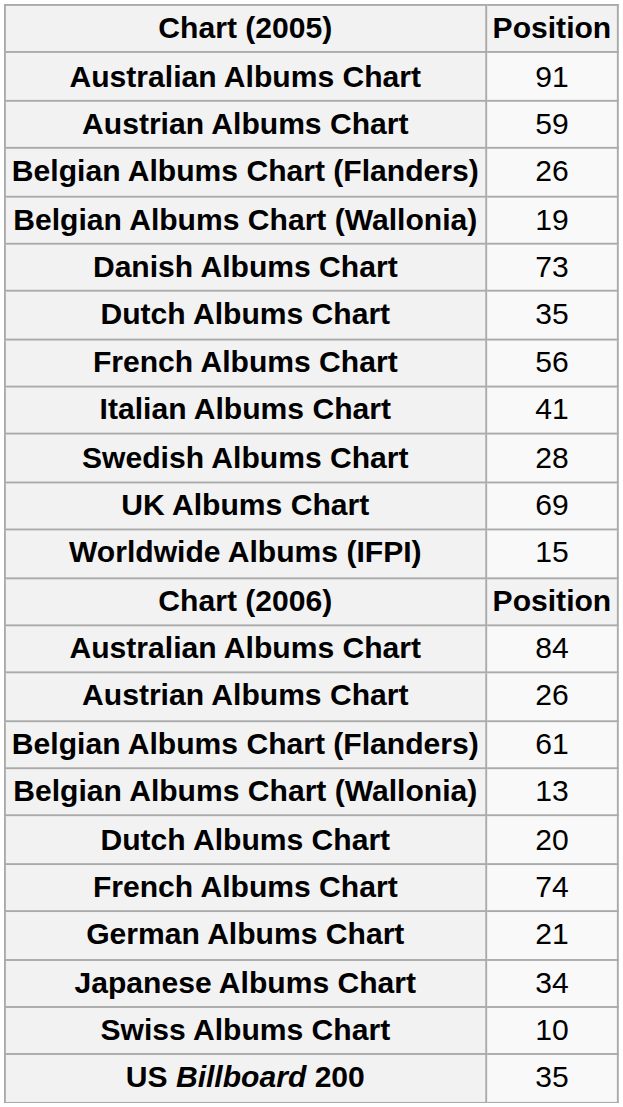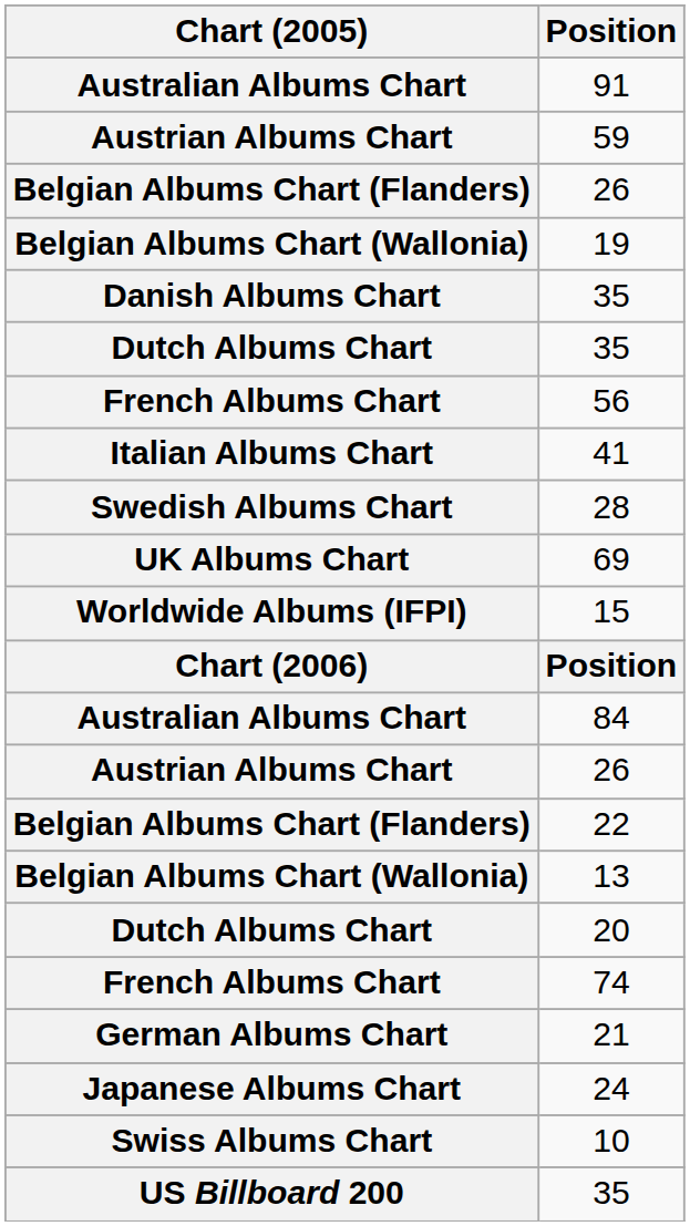 <table class="wikitable plainrowheaders" style="text-align:center;">
 <tr>
 <th>Chart (2005)</th>
 <th>Position</th>
 </tr>
 <tr>
 <th scope="row">Australian Albums Chart</th>
 <td>91</td>
 </tr>
 <tr>
 <th scope="row">Austrian Albums Chart</th>
 <td>59</td>
 </tr>
 <tr>
 <th scope="row">Belgian Albums Chart (Flanders)</th>
 <td>26</td>
 </tr>
 <tr>
 <th scope="row">Belgian Albums Chart (Wallonia)</th>
 <td>19</td>
 </tr>
 <tr>
 <th scope="row">Danish Albums Chart</th>
-<td>73</td>
+<td>35</td>
 </tr>
 <tr>
 <th scope="row">Dutch Albums Chart</th>
 <td>35</td>
 </tr>
 <tr>
 <th scope="row">French Albums Chart</th>
 <td>56</td>
 </tr>
 <tr>
 <th scope="row">Italian Albums Chart</th>
 <td>41</td>
 </tr>
 <tr>
 <th scope="row">Swedish Albums Chart</th>
 <td>28</td>
 </tr>
 <tr>
 <th scope="row">UK Albums Chart</th>
 <td>69</td>
 </tr>
 <tr>
 <th scope="row">Worldwide Albums (IFPI)</th>
 <td>15</td>
 </tr>
 <tr>
 <th>Chart (2006)</th>
 <th>Position</th>
 </tr>
 <tr>
 <th scope="row">Australian Albums Chart</th>
 <td>84</td>
 </tr>
 <tr>
 <th scope="row">Austrian Albums Chart</th>
 <td>26</td>
 </tr>
 <tr>
 <th scope="row">Belgian Albums Chart (Flanders)</th>
-<td>61</td>
+<td>22</td>
 </tr>
 <tr>
 <th scope="row">Belgian Albums Chart (Wallonia)</th>
 <td>13</td>
 </tr>
 <tr>
 <th scope="row">Dutch Albums Chart</th>
 <td>20</td>
 </tr>
 <tr>
 <th scope="row">French Albums Chart</th>
 <td>74</td>
 </tr>
 <tr>
 <th scope="row">German Albums Chart</th>
 <td>21</td>
 </tr>
 <tr>
 <th scope="row">Japanese Albums Chart</th>
-<td>34</td>
+<td>24</td>
 </tr>
 <tr>
 <th scope="row">Swiss Albums Chart</th>
 <td>10</td>
 </tr>
 <tr>
 <th scope="row">US <em>Billboard</em> 200</th>
 <td>35</td>
 </tr>
 </table>
